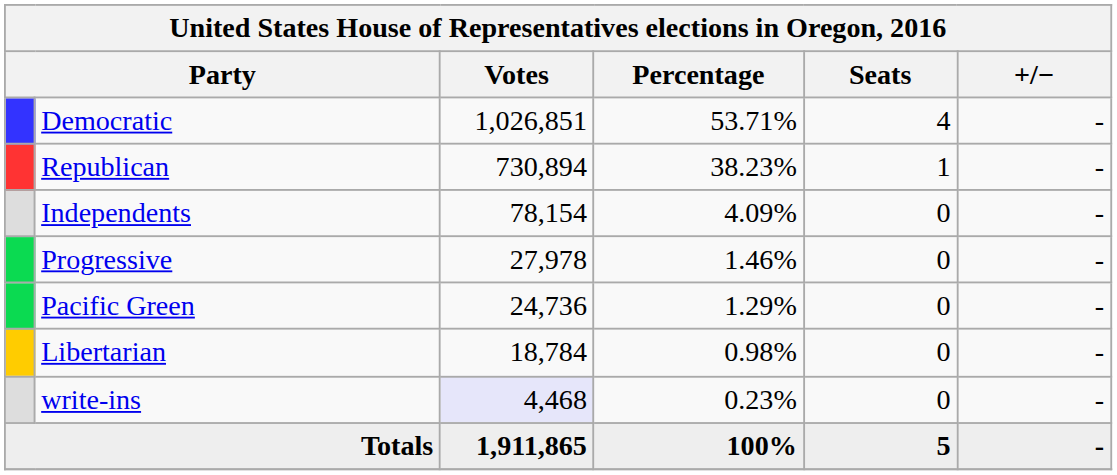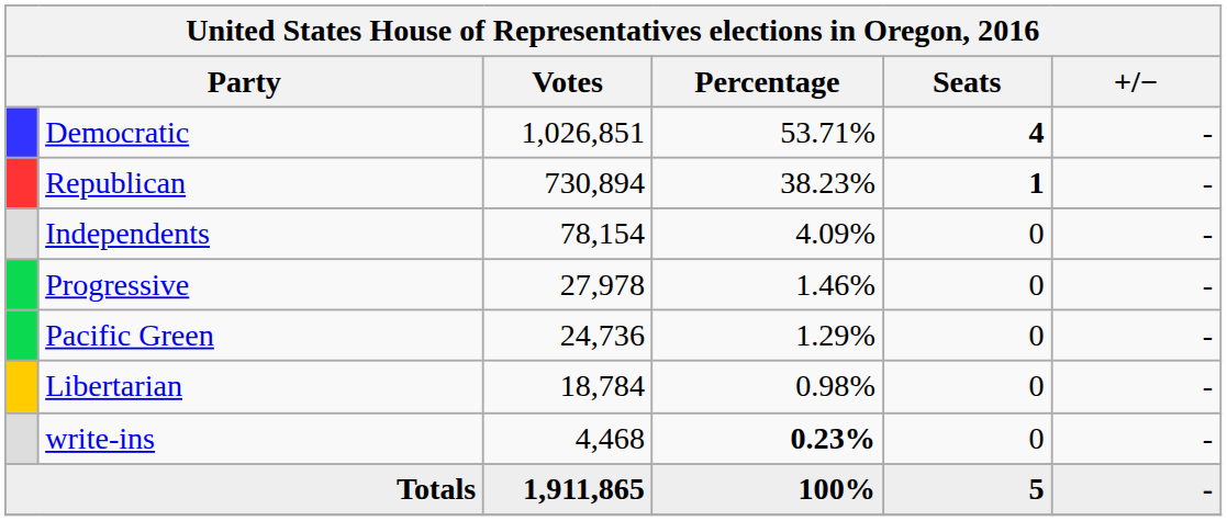 <table class="wikitable" style="font-size: 95%;">
 <tr>
 <th colspan="6">United States House of Representatives elections in Oregon, 2016</th>
 </tr>
 <tr>
 <th colspan=2 style="width: 15em">Party</th>
 <th style="width: 5em">Votes</th>
 <th style="width: 7em">Percentage</th>
 <th style="width: 5em">Seats</th>
 <th style="width: 5em">+/−</th>
 </tr>
 <tr>
 <th style="background-color:#3333FF; width: 3px"></th>
 <td style="width: 130px"><a href='#'>Democratic</a></td>
 <td align="right">1,026,851</td>
 <td align="right">53.71%</td>
-<td align="right">4</td>
+<td align="right"><strong>4</strong></td>
 <td align="right">-</td>
 </tr>
 <tr>
 <th style="background-color:#FF3333; width: 3px"></th>
 <td style="width: 130px"><a href='#'>Republican</a></td>
 <td align="right">730,894</td>
 <td align="right">38.23%</td>
-<td align="right">1</td>
+<td align="right"><strong>1</strong></td>
 <td align="right">-</td>
 </tr>
 <tr>
 <th style="background-color:#DDDDDD; width: 3px"></th>
 <td style="width: 130px"><a href='#'>Independents</a></td>
 <td align="right">78,154</td>
 <td align="right">4.09%</td>
 <td align="right">0</td>
 <td align="right">-</td>
 </tr>
 <tr>
 <th style="background-color:#0BDA51; width: 3px"></th>
 <td style="width: 130px"><a href='#'>Progressive</a></td>
 <td align="right">27,978</td>
 <td align="right">1.46%</td>
 <td align="right">0</td>
 <td align="right">-</td>
 </tr>
 <tr>
 <th style="background-color:#0BDA51; width: 3px"></th>
 <td style="width: 130px"><a href='#'>Pacific Green</a></td>
 <td align="right">24,736</td>
 <td align="right">1.29%</td>
 <td align="right">0</td>
 <td align="right">-</td>
 </tr>
 <tr>
 <th style="background-color:#FFCC00; width: 3px"></th>
 <td style="width: 130px"><a href='#'>Libertarian</a></td>
 <td align="right">18,784</td>
 <td align="right">0.98%</td>
 <td align="right">0</td>
 <td align="right">-</td>
 </tr>
 <tr>
 <th style="background-color:#DDDDDD; width: 3px"></th>
 <td style="width: 130px"><a href='#'>write-ins</a></td>
-<td align="right" style="background: lavender;">4,468</td>
-<td align="right">0.23%</td>
+<td align="right">4,468</td>
+<td align="right"><strong>0.23%</strong></td>
 <td align="right">0</td>
 <td align="right">-</td>
 </tr>
 <tr bgcolor="#EEEEEE">
 <td colspan="2" align="right"><strong>Totals</strong></td>
 <td align="right"><strong>1,911,865</strong></td>
 <td align="right"><strong>100%</strong></td>
 <td align="right"><strong>5</strong></td>
 <td align="right"><strong>-</strong></td>
 </tr>
 <tr bgcolor="#EEEEEE">
 </tr>
 </table>
